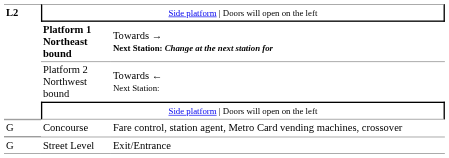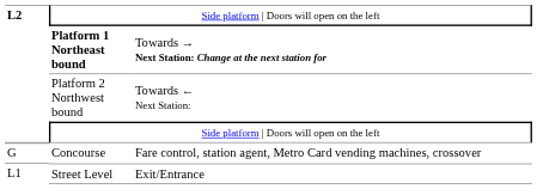 <table table border=0 cellspacing=0 cellpadding=3>
 <tr>
 <td style="border-top:solid 1px grey;border-bottom:solid 1px grey;" width=50 rowspan=4 valign=top><strong>L2</strong></td>
 <td style="border-top:solid 1px grey;border-right:solid 2px black;border-left:solid 2px black;border-bottom:solid 2px black;text-align:center;" colspan=2><small><a href='#'>Side platform</a> | Doors will open on the left </small></td>
 </tr>
 <tr>
 <td style="border-bottom:solid 1px grey;color:#"><strong>Platform 1</strong><br><strong>Northeast bound</strong></td>
 <td style="border-bottom:solid 1px grey;" width=500>Towards → <br><small><strong>Next Station:</strong> </small> <small><strong><em>Change at the next station for <strong><em></small></td>
 </tr>
 <tr>
 <td style="color:#"></strong>Platform 2<strong><br></strong>Northwest bound<strong></td>
 <td>Towards ← <br><small></strong>Next Station:<strong> </small></td>
 </tr>
 <tr>
 <td style="border-top:solid 2px black;border-right:solid 2px black;border-left:solid 2px black;border-bottom:solid 1px grey;text-align:center;" colspan=2><small><a href='#'>Side platform</a> | Doors will open on the left </small></td>
 </tr>
 <tr>
 <td style="border-bottom:solid 1px grey;border-top:solid 1px grey;" width=50 valign=top></strong>G<strong></td>
 <td valign=top>Concourse</td>
 <td valign=top>Fare control, station agent, Metro Card vending machines, crossover</td>
 </tr>
 <tr>
-<td style="border-bottom:solid 1px grey;border-top:solid 1px grey;" width=50 valign=top></strong>G<strong></td>
+<td valign=top></strong>L1<strong></td>
 <td style="border-top:solid 1px grey;border-bottom:solid 1px grey;" width=100 valign=top>Street Level</td>
 <td style="border-top:solid 1px grey;border-bottom:solid 1px grey;" width=500 valign=top>Exit/Entrance</td>
 </tr>
 </table>
